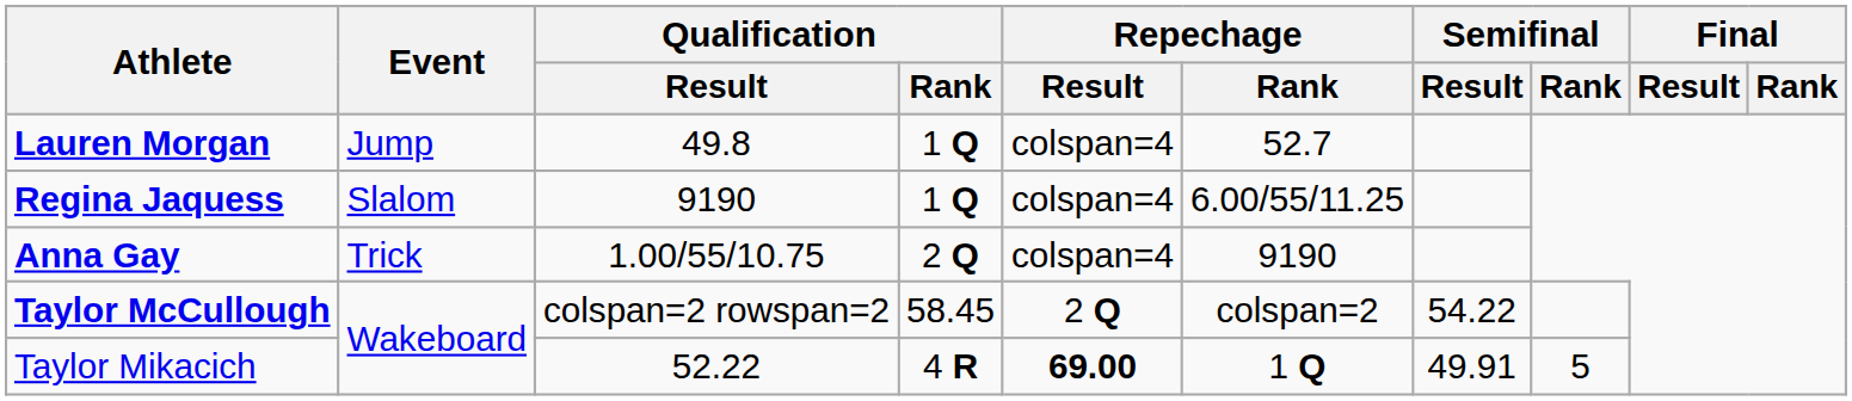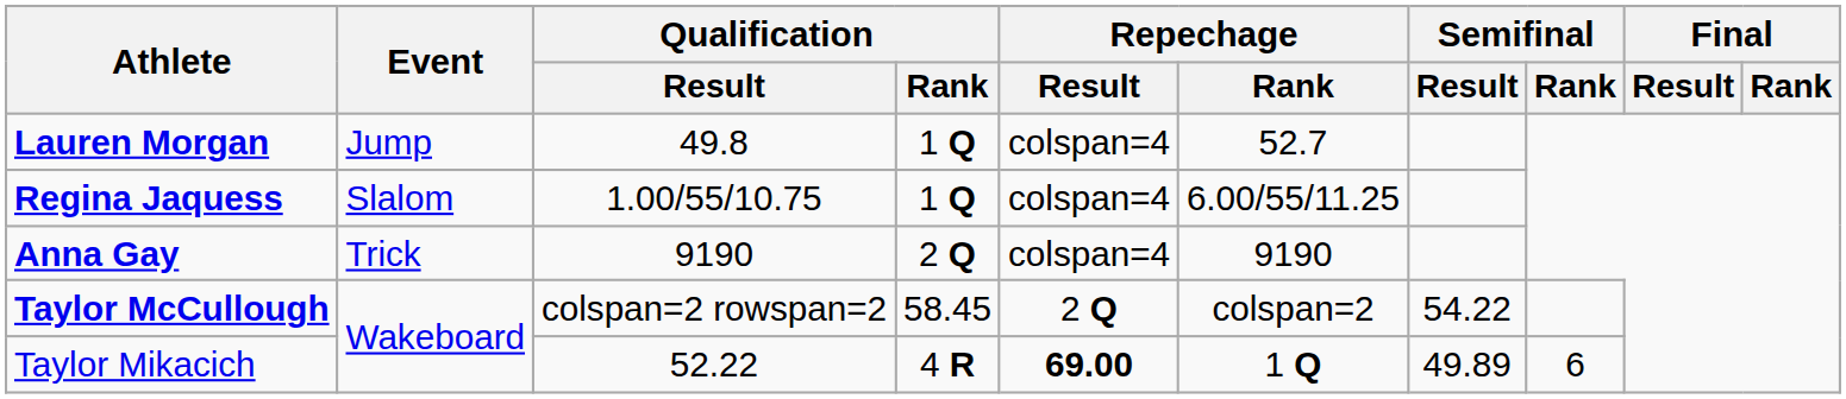 <table class=wikitable style=font-size:90%;text-align:center>
 <tr>
 <th rowspan=2>Athlete</th>
 <th rowspan=2>Event</th>
 <th colspan=2>Qualification</th>
 <th colspan=2>Repechage</th>
 <th colspan=2>Semifinal</th>
 <th colspan=2>Final</th>
 </tr>
 <tr style=font-size:95%>
 <th>Result</th>
 <th>Rank</th>
 <th>Result</th>
 <th>Rank</th>
 <th>Result</th>
 <th>Rank</th>
 <th>Result</th>
 <th>Rank</th>
 </tr>
 <tr>
 <td align=left><strong><a href='#'>Lauren Morgan</a></strong></td>
 <td align=left><a href='#'>Jump</a></td>
 <td>49.8</td>
 <td>1 <strong>Q</strong></td>
 <td>colspan=4 </td>
 <td>52.7</td>
 <td></td>
 </tr>
 <tr>
 <td align=left><strong><a href='#'>Regina Jaquess</a></strong></td>
 <td align=left><a href='#'>Slalom</a></td>
-<td>9190</td>
+<td>1.00/55/10.75</td>
 <td>1 <strong>Q</strong></td>
 <td>colspan=4 </td>
 <td>6.00/55/11.25</td>
 <td></td>
 </tr>
 <tr>
 <td align=left><strong><a href='#'>Anna Gay</a></strong></td>
 <td align=left><a href='#'>Trick</a></td>
-<td>1.00/55/10.75</td>
+<td>9190</td>
 <td>2 <strong>Q</strong></td>
 <td>colspan=4 </td>
 <td>9190</td>
 <td></td>
 </tr>
 <tr>
 <td align=left><strong><a href='#'>Taylor McCullough</a></strong></td>
 <td align=left rowspan=2><a href='#'>Wakeboard</a></td>
 <td>colspan=2 rowspan=2 </td>
 <td>58.45</td>
 <td>2 <strong>Q</strong></td>
 <td>colspan=2 </td>
 <td>54.22</td>
 <td></td>
 </tr>
 <tr>
 <td align=left><a href='#'>Taylor Mikacich</a></td>
 <td>52.22</td>
 <td>4 <strong>R</strong></td>
 <td><strong>69.00</strong></td>
 <td>1 <strong>Q</strong></td>
-<td>49.91</td>
-<td>5</td>
+<td>49.89</td>
+<td>6</td>
 </tr>
 </table>
